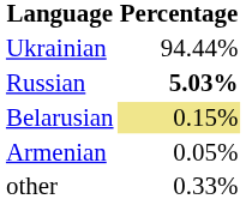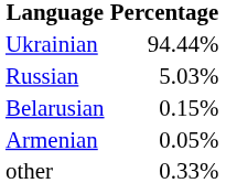 <table class="standard">
 <tr>
 <th>Language</th>
 <th>Percentage</th>
 </tr>
 <tr>
 <td><a href='#'>Ukrainian</a></td>
 <td align="right">94.44%</td>
 </tr>
 <tr>
 <td><a href='#'>Russian</a></td>
-<td align="right"><strong>5.03%</strong></td>
+<td align="right">5.03%</td>
 </tr>
 <tr>
 <td><a href='#'>Belarusian</a></td>
-<td align="right" style="background: khaki;">0.15%</td>
+<td align="right">0.15%</td>
 </tr>
 <tr>
 <td><a href='#'>Armenian</a></td>
 <td align="right">0.05%</td>
 </tr>
 <tr>
 <td>other</td>
 <td align="right">0.33%</td>
 </tr>
 </table>
